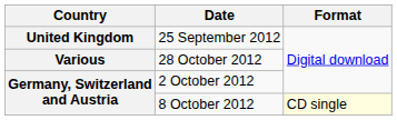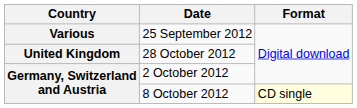 <table class="wikitable plainrowheaders">
 <tr>
 <th scope="col">Country</th>
 <th scope="col">Date</th>
 <th scope="col">Format</th>
 </tr>
 <tr>
-<th scope="row">United Kingdom</th>
+<th scope="row">Various</th>
 <td>25 September 2012</td>
 <td rowspan="3"><a href='#'>Digital download</a></td>
 </tr>
 <tr>
-<th scope="row">Various</th>
+<th scope="row">United Kingdom</th>
 <td>28 October 2012</td>
 </tr>
 <tr>
 <th scope="row" rowspan="2">Germany, Switzerland<br>and Austria</th>
 <td>2 October 2012</td>
 </tr>
 <tr>
 <td>8 October 2012</td>
 <td style="background: lightyellow;">CD single</td>
 </tr>
 </table>
